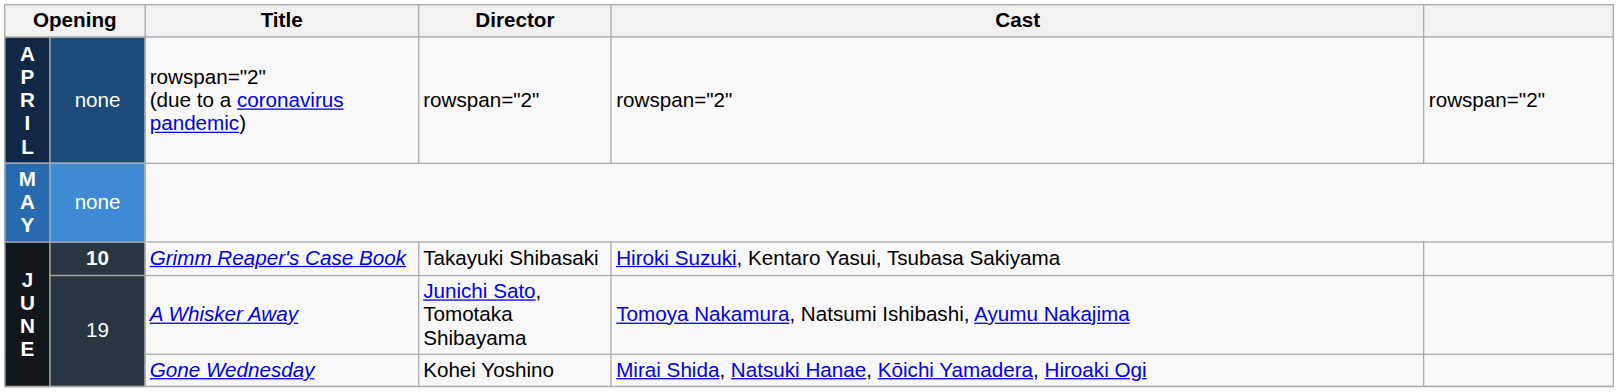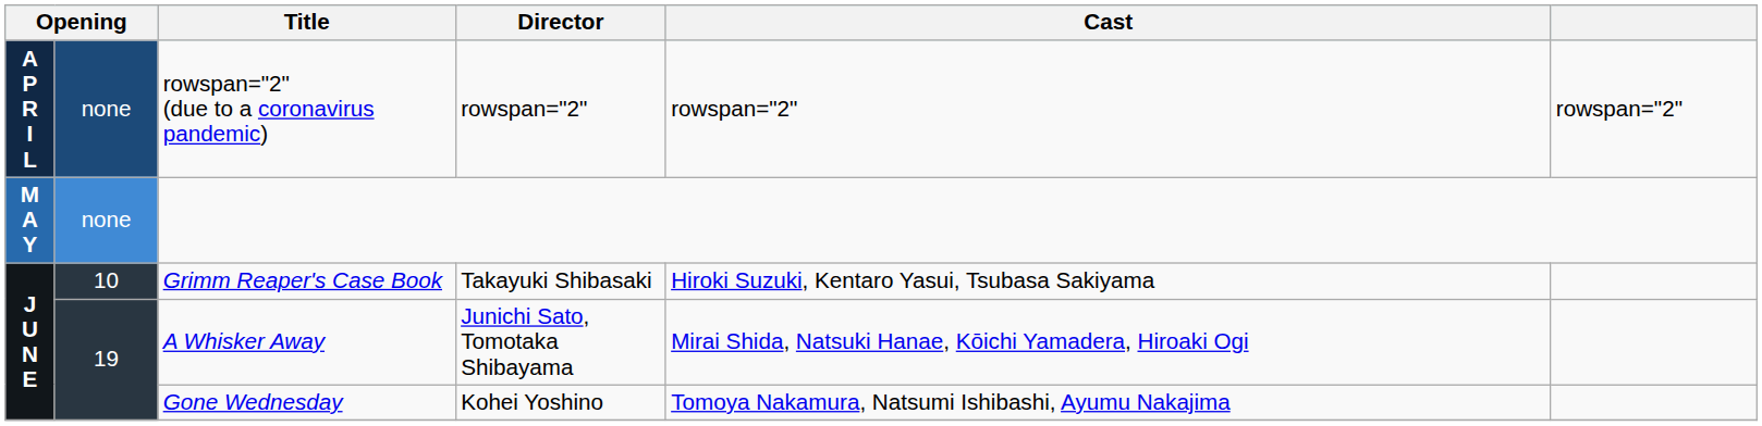 <table class="wikitable sortable">
 <tr style="background:#b0e0e6; text-align:center">
 <th colspan="2">Opening</th>
 <th style="width:17%">Title</th>
 <th style="width:12%">Director</th>
 <th>Cast</th>
 <th></th>
 </tr>
 <tr>
 <th rowspan="1" style="text-align:center; background:#102845; color:white;">A<br>P<br>R<br>I<br>L</th>
 <td rowspan="1" style="text-align:center; background:#1C4A79; color:white;">none</td>
 <td>rowspan="2"  <br> (due to a <a href='#'>coronavirus pandemic</a>)</td>
 <td>rowspan="2" </td>
 <td>rowspan="2" </td>
 <td>rowspan="2" </td>
 </tr>
 <tr>
 <th rowspan="1" style="text-align:center; background:#276AAD; color:white;">M<br>A<br>Y</th>
 <td rowspan="1" style="text-align:center; background:#408AD5; color:white;">none</td>
 </tr>
 <tr>
 <th rowspan="3" style="text-align:center; background:#11161A; color:white;">J<br>U<br>N<br>E</th>
-<td rowspan="1" style="text-align:center; background:#293641; color:white;"><strong>10</strong></td>
+<td rowspan="1" style="text-align:center; background:#293641; color:white;">10</td>
 <td><em><a href='#'>Grimm Reaper's Case Book</a></em></td>
 <td>Takayuki Shibasaki</td>
 <td><a href='#'>Hiroki Suzuki</a>, Kentaro Yasui, Tsubasa Sakiyama</td>
 <td></td>
 </tr>
 <tr>
 <td rowspan="2" style="text-align:center; background:#293641; color:white;">19</td>
 <td><em><a href='#'>A Whisker Away</a></em></td>
 <td><a href='#'>Junichi Sato</a>, Tomotaka Shibayama</td>
-<td><a href='#'>Tomoya Nakamura</a>, Natsumi Ishibashi, <a href='#'>Ayumu Nakajima</a></td>
+<td><a href='#'>Mirai Shida</a>, <a href='#'>Natsuki Hanae</a>, <a href='#'>Kōichi Yamadera</a>, <a href='#'>Hiroaki Ogi</a></td>
 <td></td>
 </tr>
 <tr>
 <td><em><a href='#'>Gone Wednesday</a></em></td>
 <td>Kohei Yoshino</td>
-<td><a href='#'>Mirai Shida</a>, <a href='#'>Natsuki Hanae</a>, <a href='#'>Kōichi Yamadera</a>, <a href='#'>Hiroaki Ogi</a></td>
+<td><a href='#'>Tomoya Nakamura</a>, Natsumi Ishibashi, <a href='#'>Ayumu Nakajima</a></td>
 <td></td>
 </tr>
 <tr>
 </tr>
 </table>
